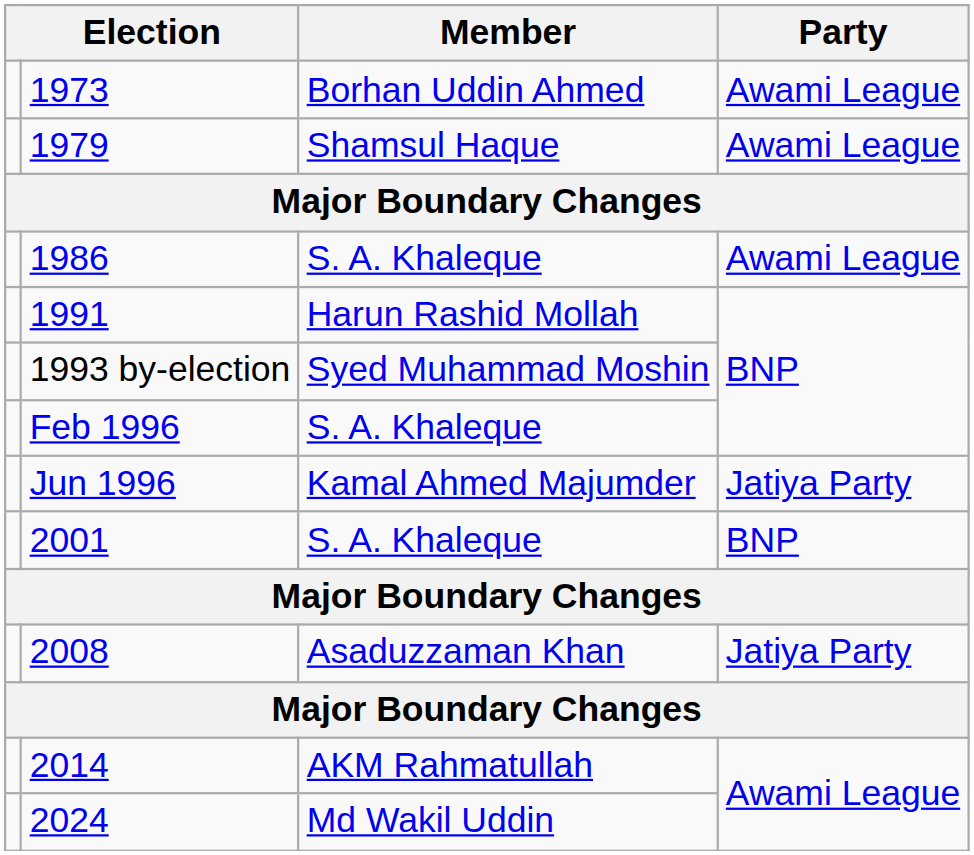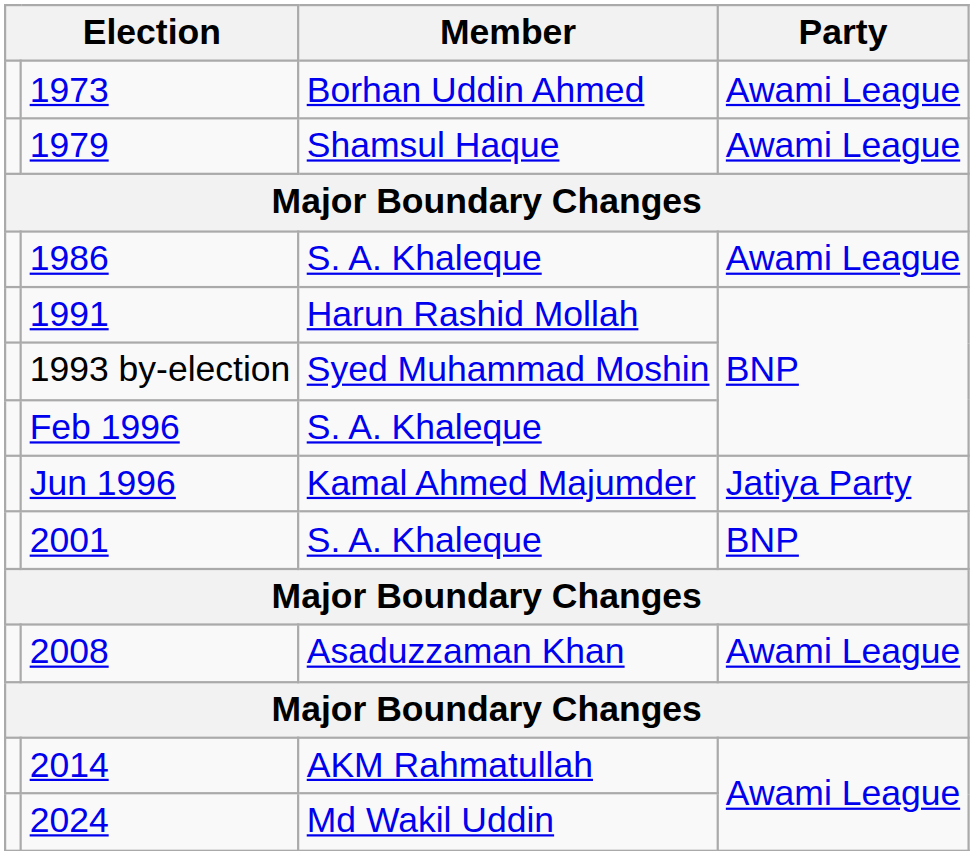 <table class="wikitable">
 <tr>
 <th colspan="2">Election</th>
 <th>Member</th>
 <th>Party</th>
 </tr>
 <tr>
 <td style="background-color:"></td>
 <td><a href='#'>1973</a></td>
 <td><a href='#'>Borhan Uddin Ahmed</a></td>
 <td><a href='#'>Awami League</a></td>
 </tr>
 <tr>
 <td style="background-color:"></td>
 <td><a href='#'>1979</a></td>
 <td><a href='#'>Shamsul Haque</a></td>
 <td><a href='#'>Awami League</a></td>
 </tr>
 <tr>
 <th colspan="4"><strong>Major Boundary Changes</strong></th>
 </tr>
 <tr>
 <td style="background-color:"></td>
 <td><a href='#'>1986</a></td>
 <td><a href='#'>S. A. Khaleque</a></td>
 <td><a href='#'>Awami League</a></td>
 </tr>
 <tr>
 <td style="background-color:"></td>
 <td><a href='#'>1991</a></td>
 <td><a href='#'>Harun Rashid Mollah</a></td>
 <td rowspan="3"><a href='#'>BNP</a></td>
 </tr>
 <tr>
 <td style="background-color:"></td>
 <td>1993 by-election</td>
 <td><a href='#'>Syed Muhammad Moshin</a></td>
 </tr>
 <tr>
 <td style="background-color:"></td>
 <td><a href='#'>Feb 1996</a></td>
 <td><a href='#'>S. A. Khaleque</a></td>
 </tr>
 <tr>
 <td style="background-color:"></td>
 <td><a href='#'>Jun 1996</a></td>
 <td><a href='#'>Kamal Ahmed Majumder</a></td>
 <td><a href='#'>Jatiya Party</a></td>
 </tr>
 <tr>
 <td style="background-color:"></td>
 <td><a href='#'>2001</a></td>
 <td><a href='#'>S. A. Khaleque</a></td>
 <td><a href='#'>BNP</a></td>
 </tr>
 <tr>
 <th colspan="4"><strong>Major Boundary Changes</strong></th>
 </tr>
 <tr>
 <td style="background-color:"></td>
 <td><a href='#'>2008</a></td>
 <td><a href='#'>Asaduzzaman Khan</a></td>
-<td><a href='#'>Jatiya Party</a></td>
+<td><a href='#'>Awami League</a></td>
 </tr>
 <tr>
 <th colspan="4"><strong>Major Boundary Changes</strong></th>
 </tr>
 <tr>
 <td style="background-color:"></td>
 <td><a href='#'>2014</a></td>
 <td><a href='#'>AKM Rahmatullah</a></td>
 <td rowspan="2"><a href='#'>Awami League</a></td>
 </tr>
 <tr>
 <td style="background-color:"></td>
 <td><a href='#'>2024</a></td>
 <td><a href='#'>Md Wakil Uddin</a></td>
 </tr>
 <tr>
 </tr>
 </table>
